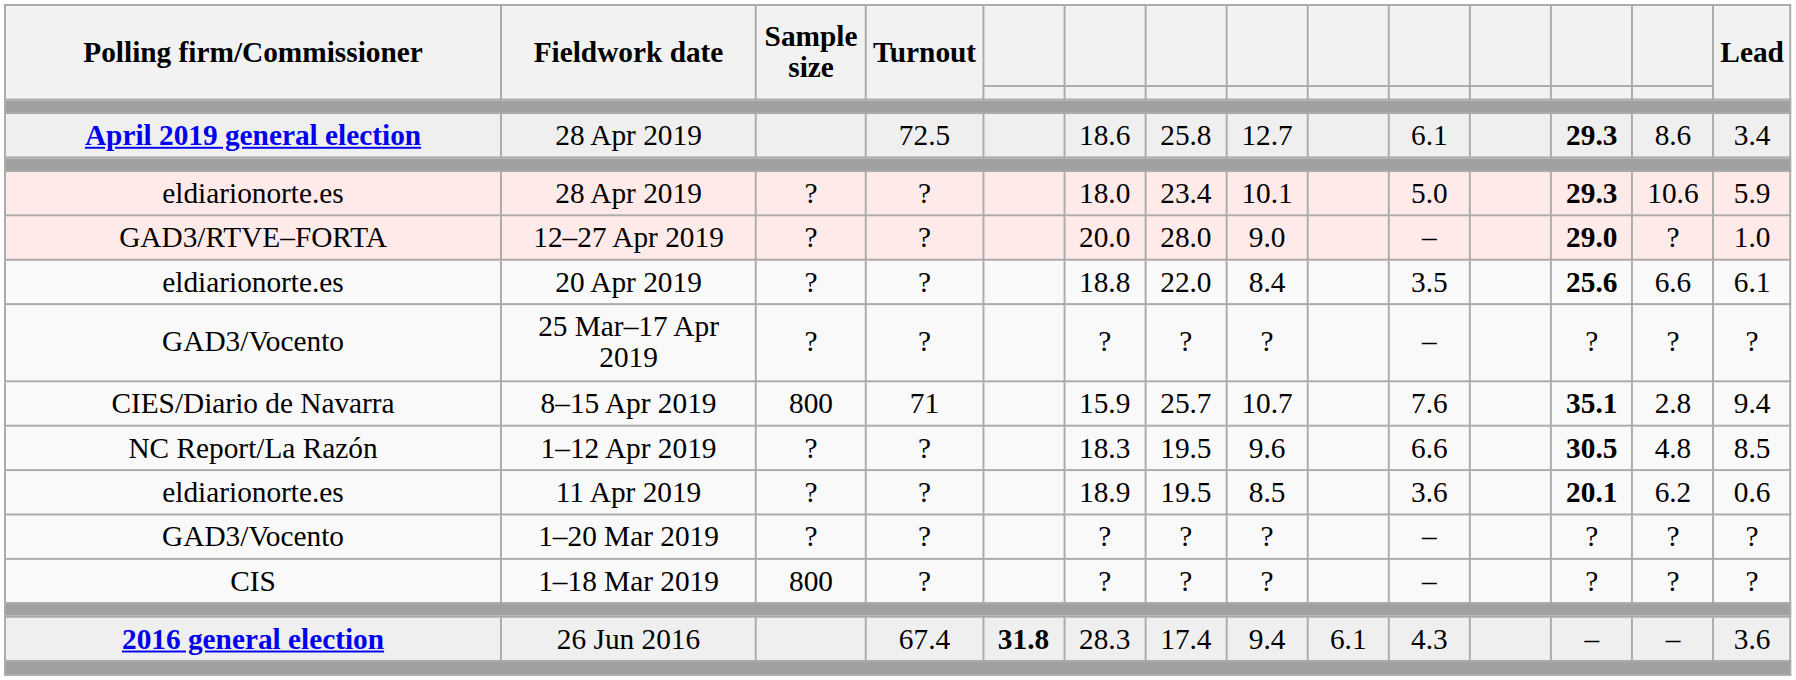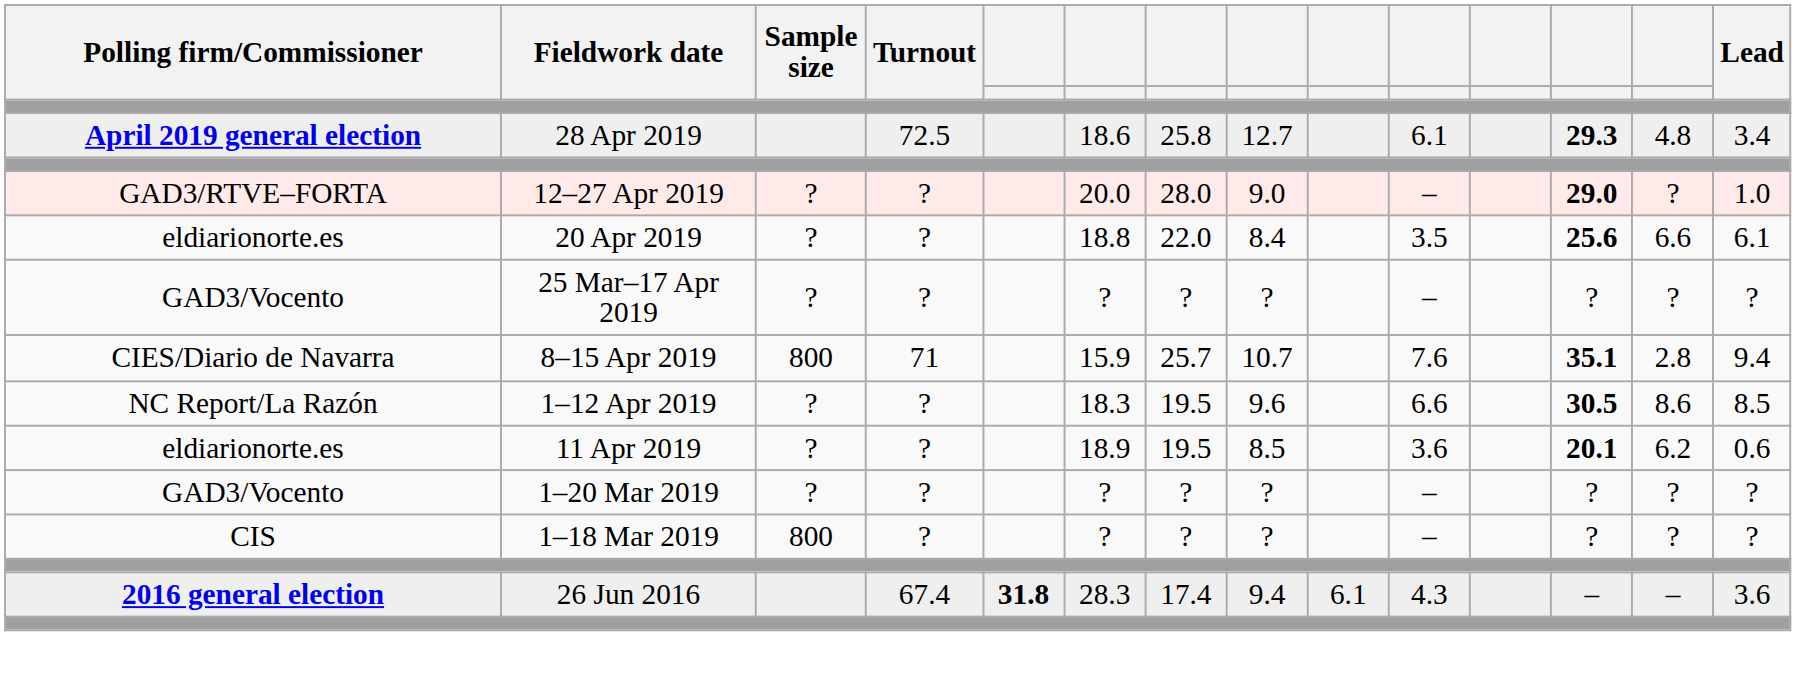 <table class="wikitable collapsible collapsed" style="text-align:center; font-size:95%; line-height:16px;">
 <tr style="height:42px;">
 <th style="width:250px;" rowspan="2">Polling firm/Commissioner</th>
 <th style="width:125px;" rowspan="2">Fieldwork date</th>
 <th style="width:50px;" rowspan="2">Sample size</th>
 <th style="width:45px;" rowspan="2">Turnout</th>
 <th style="width:35px;"></th>
 <th style="width:35px;"></th>
 <th style="width:35px;"></th>
 <th style="width:35px;"></th>
 <th style="width:35px;"></th>
 <th style="width:35px;"></th>
 <th style="width:35px;"></th>
 <th style="width:35px;"></th>
 <th style="width:35px;"></th>
 <th style="width:30px;" rowspan="2">Lead</th>
 </tr>
 <tr>
 <th style="color:inherit;background:"></th>
 <th style="color:inherit;background:"></th>
 <th style="color:inherit;background:"></th>
 <th style="color:inherit;background:"></th>
 <th style="color:inherit;background:"></th>
 <th style="color:inherit;background:"></th>
 <th style="color:inherit;background:"></th>
 <th style="color:inherit;background:"></th>
 <th style="color:inherit;background:"></th>
 </tr>
 <tr>
 <td colspan="14" style="background:#A0A0A0"></td>
 </tr>
 <tr style="background:#EFEFEF;">
 <td><strong><a href='#'>April 2019 general election</a></strong></td>
 <td>28 Apr 2019</td>
 <td></td>
 <td>72.5</td>
 <td></td>
 <td>18.6<br></td>
 <td>25.8<br></td>
 <td>12.7<br></td>
 <td></td>
 <td>6.1<br></td>
 <td></td>
 <td><strong>29.3</strong><br></td>
-<td>8.6<br></td>
+<td>4.8<br></td>
 <td style="background:">3.4</td>
 </tr>
 <tr>
 <td colspan="14" style="background:#A0A0A0"></td>
-</tr>
-<tr style="background:#FFEAEA;">
-<td>eldiarionorte.es</td>
-<td>28 Apr 2019</td>
-<td>?</td>
-<td>?</td>
-<td></td>
-<td>18.0<br></td>
-<td>23.4<br></td>
-<td>10.1<br></td>
-<td></td>
-<td>5.0<br></td>
-<td></td>
-<td><strong>29.3</strong><br></td>
-<td>10.6<br></td>
-<td style="background:">5.9</td>
 </tr>
 <tr style="background:#FFEAEA;">
 <td>GAD3/RTVE–FORTA</td>
 <td>12–27 Apr 2019</td>
 <td>?</td>
 <td>?</td>
 <td></td>
 <td>20.0<br></td>
 <td>28.0<br></td>
 <td>9.0<br></td>
 <td></td>
 <td>–</td>
 <td></td>
 <td><strong>29.0</strong><br></td>
 <td>?<br></td>
 <td style="background:">1.0</td>
 </tr>
 <tr>
 <td>eldiarionorte.es</td>
 <td>20 Apr 2019</td>
 <td>?</td>
 <td>?</td>
 <td></td>
 <td>18.8<br></td>
 <td>22.0<br></td>
 <td>8.4<br></td>
 <td></td>
 <td>3.5<br></td>
 <td></td>
 <td><strong>25.6</strong><br></td>
 <td>6.6<br></td>
 <td style="background:">6.1</td>
 </tr>
 <tr>
 <td>GAD3/Vocento</td>
 <td>25 Mar–17 Apr 2019</td>
 <td>?</td>
 <td>?</td>
 <td></td>
 <td>?<br></td>
 <td>?<br></td>
 <td>?<br></td>
 <td></td>
 <td>–</td>
 <td></td>
 <td>?<br></td>
 <td>?<br></td>
 <td style="background:">?</td>
 </tr>
 <tr>
 <td>CIES/Diario de Navarra</td>
 <td>8–15 Apr 2019</td>
 <td>800</td>
 <td>71</td>
 <td></td>
 <td>15.9<br></td>
 <td>25.7<br></td>
 <td>10.7<br></td>
 <td></td>
 <td>7.6<br></td>
 <td></td>
 <td><strong>35.1</strong><br></td>
 <td>2.8<br></td>
 <td style="background:">9.4</td>
 </tr>
 <tr>
 <td>NC Report/La Razón</td>
 <td>1–12 Apr 2019</td>
 <td>?</td>
 <td>?</td>
 <td></td>
 <td>18.3<br></td>
 <td>19.5<br></td>
 <td>9.6<br></td>
 <td></td>
 <td>6.6<br></td>
 <td></td>
 <td><strong>30.5</strong><br></td>
-<td>4.8<br></td>
+<td>8.6<br></td>
 <td style="background:">8.5</td>
 </tr>
 <tr>
 <td>eldiarionorte.es</td>
 <td>11 Apr 2019</td>
 <td>?</td>
 <td>?</td>
 <td></td>
 <td>18.9<br></td>
 <td>19.5<br></td>
 <td>8.5<br></td>
 <td></td>
 <td>3.6<br></td>
 <td></td>
 <td><strong>20.1</strong><br></td>
 <td>6.2<br></td>
 <td style="background:">0.6</td>
 </tr>
 <tr>
 <td>GAD3/Vocento</td>
 <td>1–20 Mar 2019</td>
 <td>?</td>
 <td>?</td>
 <td></td>
 <td>?<br></td>
 <td>?<br></td>
 <td>?<br></td>
 <td></td>
 <td>–</td>
 <td></td>
 <td>?<br></td>
 <td>?<br></td>
 <td style="background:">?</td>
 </tr>
 <tr>
 <td>CIS</td>
 <td>1–18 Mar 2019</td>
 <td>800</td>
 <td>?</td>
 <td></td>
 <td>?<br></td>
 <td>?<br></td>
 <td>?<br></td>
 <td></td>
 <td>–</td>
 <td></td>
 <td>?<br></td>
 <td>?<br></td>
 <td style="background:">?</td>
 </tr>
 <tr>
 <td colspan="14" style="background:#A0A0A0"></td>
 </tr>
 <tr style="background:#EFEFEF;">
 <td><strong><a href='#'>2016 general election</a></strong></td>
 <td>26 Jun 2016</td>
 <td></td>
 <td>67.4</td>
 <td><strong>31.8</strong><br></td>
 <td>28.3<br></td>
 <td>17.4<br></td>
 <td>9.4<br></td>
 <td>6.1<br></td>
 <td>4.3<br></td>
 <td></td>
 <td>–</td>
 <td>–</td>
 <td style="background:">3.6</td>
 </tr>
 <tr>
 <td colspan="14" style="background:#A0A0A0"></td>
 </tr>
 </table>
